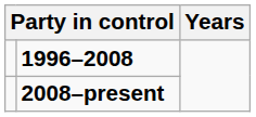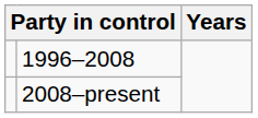 <table class="wikitable">
 <tr>
 <th colspan="2">Party in control</th>
 <th>Years</th>
 </tr>
 <tr>
 <td></td>
-<td><strong>1996–2008</strong></td>
+<td>1996–2008</td>
 </tr>
 <tr>
 <td></td>
-<td><strong>2008–present</strong></td>
+<td>2008–present</td>
 </tr>
 </table>
